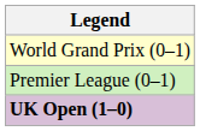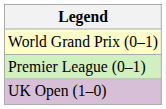 <table class="wikitable">
 <tr>
 <th>Legend</th>
 </tr>
 <tr style="background:#ffc;">
 <td>World Grand Prix (0–1)</td>
 </tr>
 <tr style="background:#d0f0c0;">
 <td>Premier League (0–1)</td>
 </tr>
 <tr style="background:thistle">
-<td><strong>UK Open (1–0)</strong></td>
+<td>UK Open (1–0)</td>
 </tr>
 </table>
